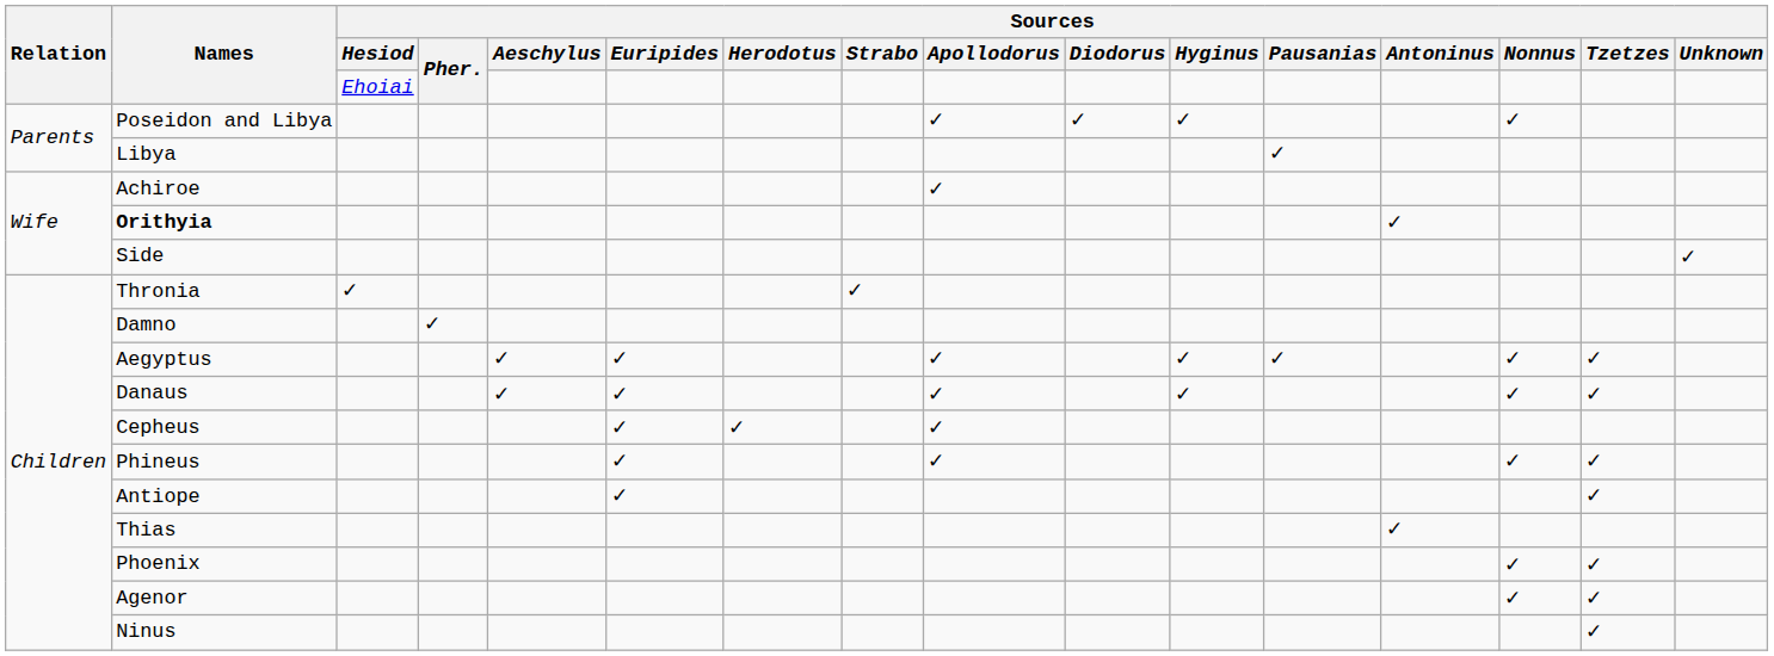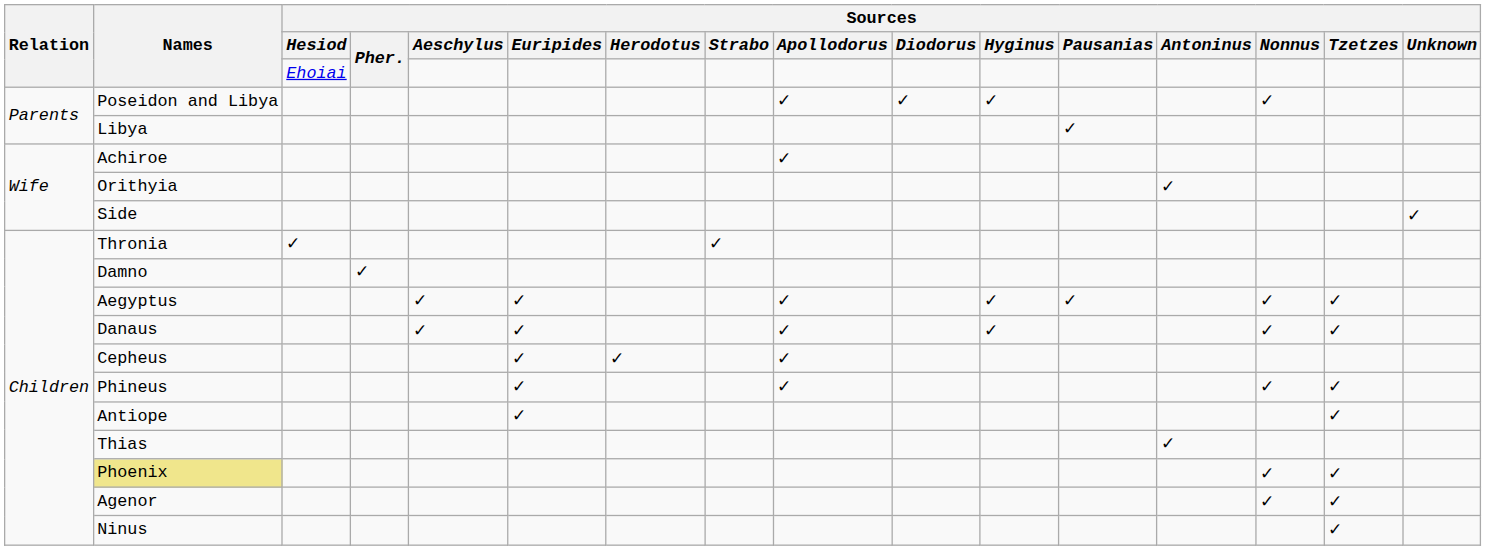 <table class="wikitable">
 <tr>
 <th rowspan="3">Relation</th>
 <th rowspan="3">Names</th>
 <th colspan="14">Sources</th>
 </tr>
 <tr>
 <th><em>Hesiod</em></th>
 <th rowspan="2"><em>Pher.</em></th>
 <th><em>Aeschylus</em></th>
 <th><em>Euripides</em></th>
 <th><em>Herodotus</em></th>
 <th><em>Strabo</em></th>
 <th><em>Apollodorus</em></th>
 <th><em>Diodorus</em></th>
 <th><em>Hyginus</em></th>
 <th><em>Pausanias</em></th>
 <th><em>Antoninus</em></th>
 <th><em>Nonnus</em></th>
 <th><em>Tzetzes</em></th>
 <th><em>Unknown</em></th>
 </tr>
 <tr>
 <td><em><a href='#'>Ehoiai</a></em></td>
 <td></td>
 <td></td>
 <td></td>
 <td></td>
 <td></td>
 <td></td>
 <td></td>
 <td></td>
 <td></td>
 <td></td>
 <td></td>
 <td></td>
 </tr>
 <tr>
 <td rowspan="2"><em>Parents</em></td>
 <td>Poseidon and Libya</td>
 <td></td>
 <td></td>
 <td></td>
 <td></td>
 <td></td>
 <td></td>
 <td>✓</td>
 <td>✓</td>
 <td>✓</td>
 <td></td>
 <td></td>
 <td>✓</td>
 <td></td>
 <td></td>
 </tr>
 <tr>
 <td>Libya</td>
 <td></td>
 <td></td>
 <td></td>
 <td></td>
 <td></td>
 <td></td>
 <td></td>
 <td></td>
 <td></td>
 <td>✓</td>
 <td></td>
 <td></td>
 <td></td>
 <td></td>
 </tr>
 <tr>
 <td rowspan="3"><em>Wife</em></td>
 <td>Achiroe</td>
 <td></td>
 <td></td>
 <td></td>
 <td></td>
 <td></td>
 <td></td>
 <td>✓</td>
 <td></td>
 <td></td>
 <td></td>
 <td></td>
 <td></td>
 <td></td>
 <td></td>
 </tr>
 <tr>
-<td><strong>Orithyia</strong></td>
+<td>Orithyia</td>
 <td></td>
 <td></td>
 <td></td>
 <td></td>
 <td></td>
 <td></td>
 <td></td>
 <td></td>
 <td></td>
 <td></td>
 <td>✓</td>
 <td></td>
 <td></td>
 <td></td>
 </tr>
 <tr>
 <td>Side</td>
 <td></td>
 <td></td>
 <td></td>
 <td></td>
 <td></td>
 <td></td>
 <td></td>
 <td></td>
 <td></td>
 <td></td>
 <td></td>
 <td></td>
 <td></td>
 <td>✓</td>
 </tr>
 <tr>
 <td rowspan="11"><em>Children</em></td>
 <td>Thronia</td>
 <td>✓</td>
 <td></td>
 <td></td>
 <td></td>
 <td></td>
 <td>✓</td>
 <td></td>
 <td></td>
 <td></td>
 <td></td>
 <td></td>
 <td></td>
 <td></td>
 <td></td>
 </tr>
 <tr>
 <td>Damno</td>
 <td></td>
 <td>✓</td>
 <td></td>
 <td></td>
 <td></td>
 <td></td>
 <td></td>
 <td></td>
 <td></td>
 <td></td>
 <td></td>
 <td></td>
 <td></td>
 <td></td>
 </tr>
 <tr>
 <td>Aegyptus</td>
 <td></td>
 <td></td>
 <td>✓</td>
 <td>✓</td>
 <td></td>
 <td></td>
 <td>✓</td>
 <td></td>
 <td>✓</td>
 <td>✓</td>
 <td></td>
 <td>✓</td>
 <td>✓</td>
 <td></td>
 </tr>
 <tr>
 <td>Danaus</td>
 <td></td>
 <td></td>
 <td>✓</td>
 <td>✓</td>
 <td></td>
 <td></td>
 <td>✓</td>
 <td></td>
 <td>✓</td>
 <td></td>
 <td></td>
 <td>✓</td>
 <td>✓</td>
 <td></td>
 </tr>
 <tr>
 <td>Cepheus</td>
 <td></td>
 <td></td>
 <td></td>
 <td>✓</td>
 <td>✓</td>
 <td></td>
 <td>✓</td>
 <td></td>
 <td></td>
 <td></td>
 <td></td>
 <td></td>
 <td></td>
 <td></td>
 </tr>
 <tr>
 <td>Phineus</td>
 <td></td>
 <td></td>
 <td></td>
 <td>✓</td>
 <td></td>
 <td></td>
 <td>✓</td>
 <td></td>
 <td></td>
 <td></td>
 <td></td>
 <td>✓</td>
 <td>✓</td>
 <td></td>
 </tr>
 <tr>
 <td>Antiope</td>
 <td></td>
 <td></td>
 <td></td>
 <td>✓</td>
 <td></td>
 <td></td>
 <td></td>
 <td></td>
 <td></td>
 <td></td>
 <td></td>
 <td></td>
 <td>✓</td>
 <td></td>
 </tr>
 <tr>
 <td>Thias</td>
 <td></td>
 <td></td>
 <td></td>
 <td></td>
 <td></td>
 <td></td>
 <td></td>
 <td></td>
 <td></td>
 <td></td>
 <td>✓</td>
 <td></td>
 <td></td>
 <td></td>
 </tr>
 <tr>
-<td>Phoenix</td>
+<td style="background: khaki;">Phoenix</td>
 <td></td>
 <td></td>
 <td></td>
 <td></td>
 <td></td>
 <td></td>
 <td></td>
 <td></td>
 <td></td>
 <td></td>
 <td></td>
 <td>✓</td>
 <td>✓</td>
 <td></td>
 </tr>
 <tr>
 <td>Agenor</td>
 <td></td>
 <td></td>
 <td></td>
 <td></td>
 <td></td>
 <td></td>
 <td></td>
 <td></td>
 <td></td>
 <td></td>
 <td></td>
 <td>✓</td>
 <td>✓</td>
 <td></td>
 </tr>
 <tr>
 <td>Ninus</td>
 <td></td>
 <td></td>
 <td></td>
 <td></td>
 <td></td>
 <td></td>
 <td></td>
 <td></td>
 <td></td>
 <td></td>
 <td></td>
 <td></td>
 <td>✓</td>
 <td></td>
 </tr>
 </table>
